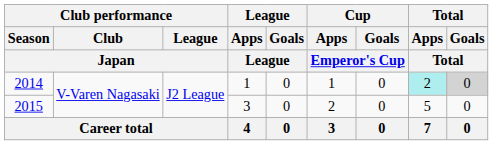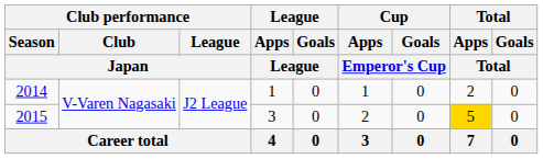 <table class="wikitable" style="text-align:center">
 <tr>
 <th colspan=3>Club performance</th>
 <th colspan=2>League</th>
 <th colspan=2>Cup</th>
 <th colspan=2>Total</th>
 </tr>
 <tr>
 <th>Season</th>
 <th>Club</th>
 <th>League</th>
 <th>Apps</th>
 <th>Goals</th>
 <th>Apps</th>
 <th>Goals</th>
 <th>Apps</th>
 <th>Goals</th>
 </tr>
 <tr>
 <th colspan=3>Japan</th>
 <th colspan=2>League</th>
 <th colspan=2><a href='#'>Emperor's Cup</a></th>
 <th colspan=2>Total</th>
 </tr>
 <tr>
 <td><a href='#'>2014</a></td>
 <td rowspan="2"><a href='#'>V-Varen Nagasaki</a></td>
 <td rowspan="2"><a href='#'>J2 League</a></td>
 <td>1</td>
 <td>0</td>
 <td>1</td>
 <td>0</td>
-<td style="background: paleturquoise;">2</td>
-<td style="background: lightgrey;">0</td>
+<td>2</td>
+<td>0</td>
 </tr>
 <tr>
 <td><a href='#'>2015</a></td>
 <td>3</td>
 <td>0</td>
 <td>2</td>
 <td>0</td>
-<td>5</td>
+<td style="background: gold;">5</td>
 <td>0</td>
 </tr>
 <tr>
 <th colspan=3>Career total</th>
 <th>4</th>
 <th>0</th>
 <th>3</th>
 <th>0</th>
 <th>7</th>
 <th>0</th>
 </tr>
 </table>
